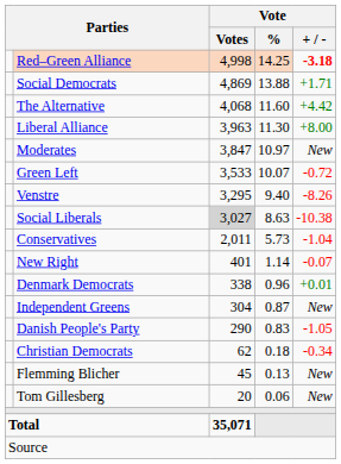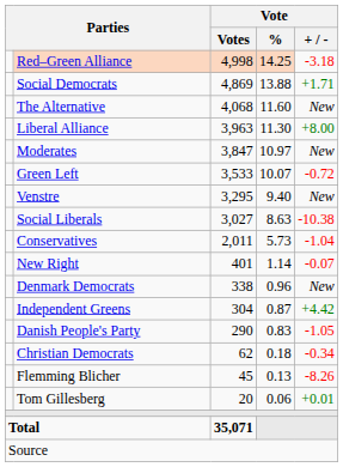 <table class="wikitable" style="text-align:right;">
 <tr>
 <th style="text-align:centre;" rowspan="2" colspan="2" width="225">Parties</th>
 <th colspan="3">Vote</th>
 </tr>
 <tr>
 <th width="15">Votes</th>
 <th width="15">%</th>
 <th width="15">+ / -</th>
 </tr>
 <tr>
 <td width="2" style="color:inherit;background:"></td>
 <td bgcolor=#fcd7c0  align="left"><a href='#'>Red–Green Alliance</a></td>
 <td bgcolor=#fcd7c0>4,998</td>
 <td bgcolor=#fcd7c0>14.25</td>
-<td style=color:red;><strong>-3.18</strong></td>
+<td style=color:red;>-3.18</td>
 </tr>
 <tr>
 <td width="2" style="color:inherit;background:"></td>
 <td align="left"><a href='#'>Social Democrats</a></td>
 <td>4,869</td>
 <td>13.88</td>
 <td style=color:green;>+1.71</td>
 </tr>
 <tr>
 <td width="2" style="color:inherit;background:"></td>
 <td align="left"><a href='#'>The Alternative</a></td>
 <td>4,068</td>
 <td>11.60</td>
-<td style=color:green;>+4.42</td>
+<td><em>New</em></td>
 </tr>
 <tr>
 <td width="2" style="color:inherit;background:"></td>
 <td align="left"><a href='#'>Liberal Alliance</a></td>
 <td>3,963</td>
 <td>11.30</td>
 <td style=color:green;>+8.00</td>
 </tr>
 <tr>
 <td width="2" style="color:inherit;background:"></td>
 <td align="left"><a href='#'>Moderates</a></td>
 <td>3,847</td>
 <td>10.97</td>
 <td><em>New</em></td>
 </tr>
 <tr>
 <td width="2" style="color:inherit;background:"></td>
 <td align="left"><a href='#'>Green Left</a></td>
 <td>3,533</td>
 <td>10.07</td>
 <td style=color:red;>-0.72</td>
 </tr>
 <tr>
 <td width="2" style="color:inherit;background:"></td>
 <td align="left"><a href='#'>Venstre</a></td>
 <td>3,295</td>
 <td>9.40</td>
-<td style=color:red;>-8.26</td>
+<td><em>New</em></td>
 </tr>
 <tr>
 <td width="2" style="color:inherit;background:"></td>
 <td align="left"><a href='#'>Social Liberals</a></td>
-<td style="background: lightgrey;">3,027</td>
+<td>3,027</td>
 <td>8.63</td>
 <td style=color:red;>-10.38</td>
 </tr>
 <tr>
 <td width="2" style="color:inherit;background:"></td>
 <td align="left"><a href='#'>Conservatives</a></td>
 <td>2,011</td>
 <td>5.73</td>
 <td style=color:red;>-1.04</td>
 </tr>
 <tr>
 <td width="2" style="color:inherit;background:"></td>
 <td align="left"><a href='#'>New Right</a></td>
 <td>401</td>
 <td>1.14</td>
 <td style=color:red;>-0.07</td>
 </tr>
 <tr>
 <td width="2" style="color:inherit;background:"></td>
 <td align="left"><a href='#'>Denmark Democrats</a></td>
 <td>338</td>
 <td>0.96</td>
-<td style=color:green;>+0.01</td>
+<td><em>New</em></td>
 </tr>
 <tr>
 <td width="2" style="color:inherit;background:"></td>
 <td align="left"><a href='#'>Independent Greens</a></td>
 <td>304</td>
 <td>0.87</td>
-<td><em>New</em></td>
+<td style=color:green;>+4.42</td>
 </tr>
 <tr>
 <td width="2" style="color:inherit;background:"></td>
 <td align="left"><a href='#'>Danish People's Party</a></td>
 <td>290</td>
 <td>0.83</td>
 <td style=color:red;>-1.05</td>
 </tr>
 <tr>
 <td width="2" style="color:inherit;background:"></td>
 <td align="left"><a href='#'>Christian Democrats</a></td>
 <td>62</td>
 <td>0.18</td>
 <td style=color:red;>-0.34</td>
 </tr>
 <tr>
 <td width="2" style="color:inherit;background:"></td>
 <td align="left">Flemming Blicher</td>
 <td>45</td>
 <td>0.13</td>
-<td><em>New</em></td>
+<td style=color:red;>-8.26</td>
 </tr>
 <tr>
 <td width="2" style="color:inherit;background:"></td>
 <td align="left">Tom Gillesberg</td>
 <td>20</td>
 <td>0.06</td>
-<td><em>New</em></td>
+<td style=color:green;>+0.01</td>
 </tr>
 <tr>
 <td colspan="7" bgcolor="#E9E9E9"></td>
 </tr>
 <tr>
 <td align="left" colspan="2"><strong>Total</strong></td>
 <td><strong>35,071</strong></td>
 <td bgcolor="#E9E9E9" colspan="2"></td>
 </tr>
 <tr>
 <td align="left" colspan="6">Source</td>
 </tr>
 </table>
